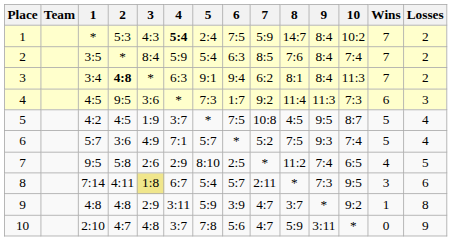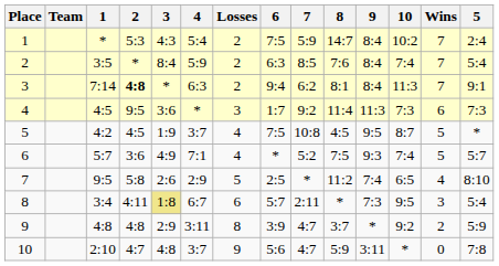 <table class="wikitable" style="text-align:center;">
 <tr>
 <th>Place</th>
 <th>Team</th>
 <th width="25">1</th>
 <th width="25">2</th>
 <th width="25">3</th>
 <th width="25">4</th>
-<th width="25">5</th>
+<th>Losses</th>
 <th width="25">6</th>
 <th width="25">7</th>
 <th width="25">8</th>
 <th width="25">9</th>
 <th width="25">10</th>
 <th>Wins</th>
-<th>Losses</th>
+<th width="25">5</th>
 </tr>
 <tr bgcolor=#ffc>
 <td>1</td>
 <td align="left"></td>
 <td>*</td>
 <td>5:3</td>
 <td>4:3</td>
-<td><strong>5:4</strong></td>
-<td>2:4</td>
+<td>5:4</td>
+<td>2</td>
 <td>7:5</td>
 <td>5:9</td>
 <td>14:7</td>
 <td>8:4</td>
 <td>10:2</td>
 <td>7</td>
-<td>2</td>
+<td>2:4</td>
 </tr>
 <tr bgcolor=#ffc>
 <td>2</td>
 <td align="left"></td>
 <td>3:5</td>
 <td>*</td>
 <td>8:4</td>
 <td>5:9</td>
-<td>5:4</td>
+<td>2</td>
 <td>6:3</td>
 <td>8:5</td>
 <td>7:6</td>
 <td>8:4</td>
 <td>7:4</td>
 <td>7</td>
-<td>2</td>
+<td>5:4</td>
 </tr>
 <tr bgcolor=#ffc>
 <td>3</td>
 <td align="left"></td>
-<td>3:4</td>
+<td>7:14</td>
 <td><strong>4:8</strong></td>
 <td>*</td>
 <td>6:3</td>
-<td>9:1</td>
+<td>2</td>
 <td>9:4</td>
 <td>6:2</td>
 <td>8:1</td>
 <td>8:4</td>
 <td>11:3</td>
 <td>7</td>
-<td>2</td>
+<td>9:1</td>
 </tr>
 <tr bgcolor=#ffc>
 <td>4</td>
 <td align="left"></td>
 <td>4:5</td>
 <td>9:5</td>
 <td>3:6</td>
 <td>*</td>
-<td>7:3</td>
+<td>3</td>
 <td>1:7</td>
 <td>9:2</td>
 <td>11:4</td>
 <td>11:3</td>
 <td>7:3</td>
 <td>6</td>
-<td>3</td>
+<td>7:3</td>
 </tr>
 <tr>
 <td>5</td>
 <td align="left"></td>
 <td>4:2</td>
 <td>4:5</td>
 <td>1:9</td>
 <td>3:7</td>
-<td>*</td>
+<td>4</td>
 <td>7:5</td>
 <td>10:8</td>
 <td>4:5</td>
 <td>9:5</td>
 <td>8:7</td>
 <td>5</td>
-<td>4</td>
+<td>*</td>
 </tr>
 <tr>
 <td>6</td>
 <td align="left"></td>
 <td>5:7</td>
 <td>3:6</td>
 <td>4:9</td>
 <td>7:1</td>
-<td>5:7</td>
+<td>4</td>
 <td>*</td>
 <td>5:2</td>
 <td>7:5</td>
 <td>9:3</td>
 <td>7:4</td>
 <td>5</td>
-<td>4</td>
+<td>5:7</td>
 </tr>
 <tr>
 <td>7</td>
 <td align="left"></td>
 <td>9:5</td>
 <td>5:8</td>
 <td>2:6</td>
 <td>2:9</td>
-<td>8:10</td>
+<td>5</td>
 <td>2:5</td>
 <td>*</td>
 <td>11:2</td>
 <td>7:4</td>
 <td>6:5</td>
 <td>4</td>
-<td>5</td>
+<td>8:10</td>
 </tr>
 <tr>
 <td>8</td>
 <td align="left"></td>
-<td>7:14</td>
+<td>3:4</td>
 <td>4:11</td>
 <td style="background: khaki;">1:8</td>
 <td>6:7</td>
-<td>5:4</td>
+<td>6</td>
 <td>5:7</td>
 <td>2:11</td>
 <td>*</td>
 <td>7:3</td>
 <td>9:5</td>
 <td>3</td>
-<td>6</td>
+<td>5:4</td>
 </tr>
 <tr>
 <td>9</td>
 <td align="left"></td>
 <td>4:8</td>
 <td>4:8</td>
 <td>2:9</td>
 <td>3:11</td>
-<td>5:9</td>
+<td>8</td>
 <td>3:9</td>
 <td>4:7</td>
 <td>3:7</td>
 <td>*</td>
 <td>9:2</td>
-<td>1</td>
-<td>8</td>
+<td>2</td>
+<td>5:9</td>
 </tr>
 <tr>
 <td>10</td>
 <td align="left"></td>
 <td>2:10</td>
 <td>4:7</td>
 <td>4:8</td>
 <td>3:7</td>
-<td>7:8</td>
+<td>9</td>
 <td>5:6</td>
 <td>4:7</td>
 <td>5:9</td>
 <td>3:11</td>
 <td>*</td>
 <td>0</td>
-<td>9</td>
+<td>7:8</td>
 </tr>
 </table>
